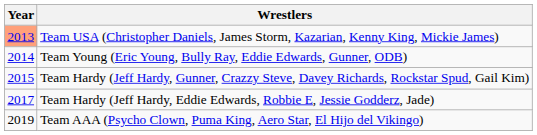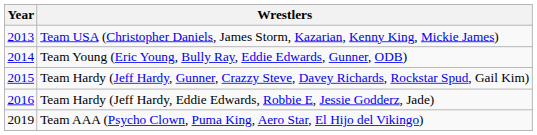 <table class="wikitable sortable">
 <tr>
 <th>Year</th>
 <th>Wrestlers</th>
 </tr>
 <tr>
-<td style="background: lightsalmon;"><a href='#'>2013</a></td>
+<td><a href='#'>2013</a></td>
 <td><a href='#'>Team USA</a> (<a href='#'>Christopher Daniels</a>, James Storm, <a href='#'>Kazarian</a>, <a href='#'>Kenny King</a>, <a href='#'>Mickie James</a>)</td>
 </tr>
 <tr>
 <td><a href='#'>2014</a></td>
 <td>Team Young (<a href='#'>Eric Young</a>, <a href='#'>Bully Ray</a>, <a href='#'>Eddie Edwards</a>, <a href='#'>Gunner</a>, <a href='#'>ODB</a>)</td>
 </tr>
 <tr>
 <td><a href='#'>2015</a></td>
 <td>Team Hardy (<a href='#'>Jeff Hardy</a>, <a href='#'>Gunner</a>, <a href='#'>Crazzy Steve</a>, <a href='#'>Davey Richards</a>, <a href='#'>Rockstar Spud</a>, Gail Kim)</td>
 </tr>
 <tr>
-<td><a href='#'>2017</a></td>
+<td><a href='#'>2016</a></td>
 <td>Team Hardy (Jeff Hardy, Eddie Edwards, <a href='#'>Robbie E</a>, <a href='#'>Jessie Godderz</a>, Jade)</td>
 </tr>
 <tr>
 <td>2019</td>
 <td>Team AAA (<a href='#'>Psycho Clown</a>, <a href='#'>Puma King</a>, <a href='#'>Aero Star</a>, <a href='#'>El Hijo del Vikingo</a>)</td>
 </tr>
 </table>
